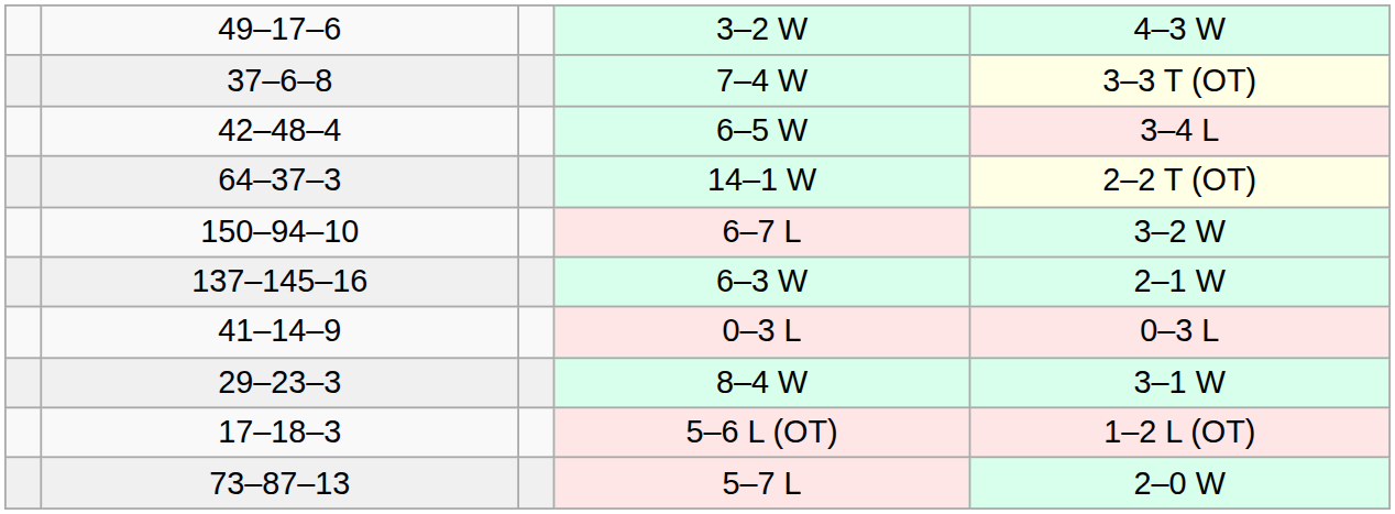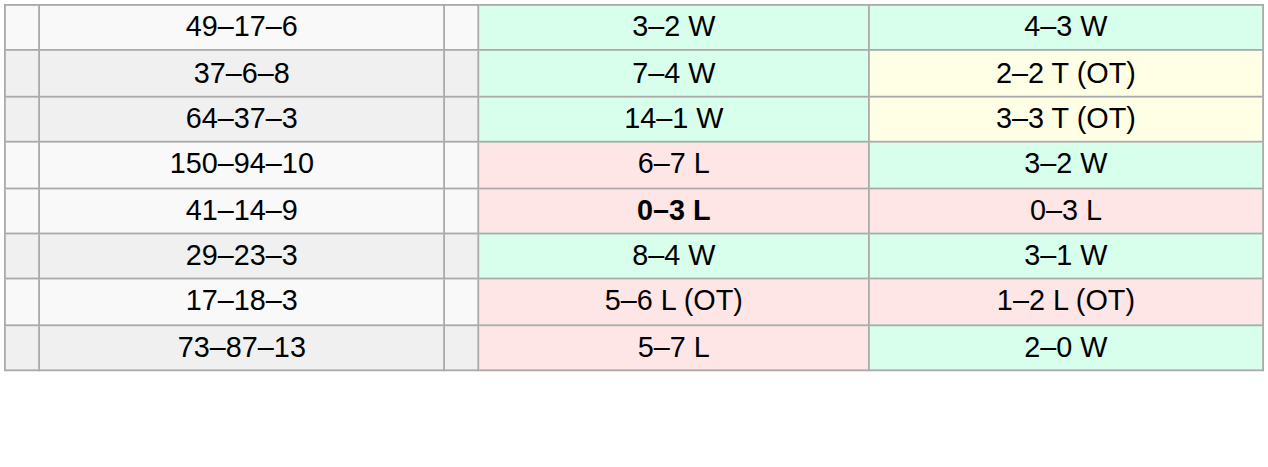 <table class="wikitable" width=700>
 <tr align="center">
 <td><strong><a href='#'></a></strong></td>
 <td>49–17–6</td>
 <td></td>
 <td bgcolor=D8FFEB>3–2 W</td>
 <td bgcolor=D8FFEB>4–3 W</td>
 </tr>
 <tr align="center" bgcolor="#f0f0f0">
 <td><strong><a href='#'></a></strong></td>
 <td>37–6–8</td>
 <td></td>
 <td bgcolor=D8FFEB>7–4 W</td>
-<td bgcolor=FFFFE6>3–3 T (OT)</td>
-</tr>
-<tr align="center">
-<td><strong><a href='#'></a></strong></td>
-<td>42–48–4</td>
-<td></td>
-<td bgcolor=D8FFEB>6–5 W</td>
-<td bgcolor=FFE6E6>3–4 L</td>
+<td bgcolor=FFFFE6>2–2 T (OT)</td>
 </tr>
 <tr align="center" bgcolor="#f0f0f0">
 <td><strong><a href='#'></a></strong></td>
 <td>64–37–3</td>
 <td></td>
 <td bgcolor=D8FFEB>14–1 W</td>
-<td bgcolor=FFFFE6>2–2 T (OT)</td>
+<td bgcolor=FFFFE6>3–3 T (OT)</td>
 </tr>
 <tr align="center">
 <td><strong><a href='#'></a></strong></td>
 <td>150–94–10</td>
 <td></td>
 <td bgcolor=FFE6E6>6–7 L</td>
 <td bgcolor=D8FFEB>3–2 W</td>
 </tr>
-<tr align="center" bgcolor="#f0f0f0">
-<td><strong><a href='#'></a></strong></td>
-<td>137–145–16</td>
-<td></td>
-<td bgcolor=D8FFEB>6–3 W</td>
-<td bgcolor=D8FFEB>2–1 W</td>
-</tr>
 <tr align="center">
 <td><strong><a href='#'></a></strong></td>
 <td>41–14–9</td>
 <td></td>
-<td bgcolor=FFE6E6>0–3 L</td>
+<td bgcolor=FFE6E6><strong>0–3 L</strong></td>
 <td bgcolor=FFE6E6>0–3 L</td>
 </tr>
 <tr align="center" bgcolor="#f0f0f0">
 <td><strong><a href='#'></a></strong></td>
 <td>29–23–3</td>
 <td></td>
 <td bgcolor=D8FFEB>8–4 W</td>
 <td bgcolor=D8FFEB>3–1 W</td>
 </tr>
 <tr align="center">
 <td><strong><a href='#'></a></strong></td>
 <td>17–18–3</td>
 <td></td>
 <td bgcolor=FFE6E6>5–6 L (OT)</td>
 <td bgcolor=FFE6E6>1–2 L (OT)</td>
 </tr>
 <tr align="center" bgcolor="#f0f0f0">
 <td><strong><a href='#'></a></strong></td>
 <td>73–87–13</td>
 <td></td>
 <td bgcolor=FFE6E6>5–7 L</td>
 <td bgcolor=D8FFEB>2–0 W</td>
 </tr>
 </table>
